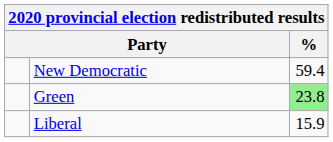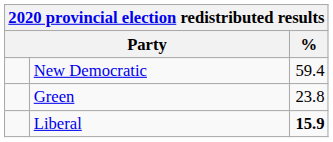 <table class="wikitable">
 <tr>
 <th colspan="4"><a href='#'>2020 provincial election</a> redistributed results</th>
 </tr>
 <tr>
 <th bgcolor="#DDDDFF" width="130px" colspan="2">Party</th>
 <th bgcolor="#DDDDFF" width="30px">%</th>
 </tr>
 <tr>
 <td> </td>
 <td><a href='#'>New Democratic</a></td>
 <td align=right>59.4</td>
 </tr>
 <tr>
 <td> </td>
 <td><a href='#'>Green</a></td>
-<td align=right style="background: lightgreen;">23.8</td>
+<td align=right>23.8</td>
 </tr>
 <tr>
 <td> </td>
 <td><a href='#'>Liberal</a></td>
-<td align=right>15.9</td>
+<td align=right><strong>15.9</strong></td>
 </tr>
 </table>
